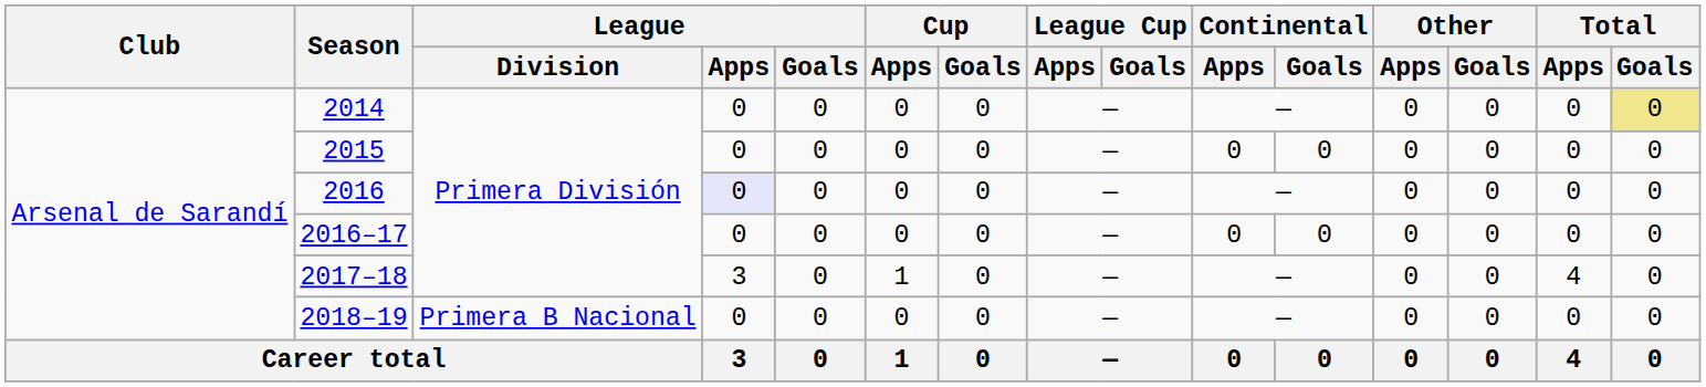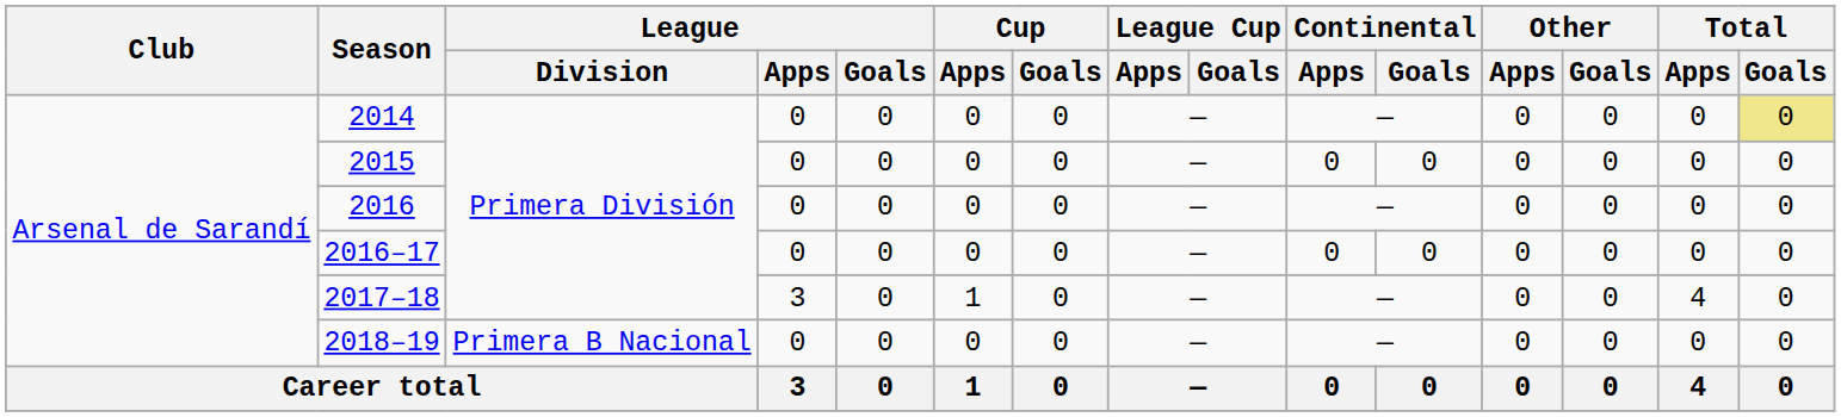 <table class="wikitable" style="text-align:center">
 <tr>
 <th rowspan="2">Club</th>
 <th rowspan="2">Season</th>
 <th colspan="3">League</th>
 <th colspan="2">Cup</th>
 <th colspan="2">League Cup</th>
 <th colspan="2">Continental</th>
 <th colspan="2">Other</th>
 <th colspan="2">Total</th>
 </tr>
 <tr>
 <th>Division</th>
 <th>Apps</th>
 <th>Goals</th>
 <th>Apps</th>
 <th>Goals</th>
 <th>Apps</th>
 <th>Goals</th>
 <th>Apps</th>
 <th>Goals</th>
 <th>Apps</th>
 <th>Goals</th>
 <th>Apps</th>
 <th>Goals</th>
 </tr>
 <tr>
 <td rowspan="6"><a href='#'>Arsenal de Sarandí</a></td>
 <td><a href='#'>2014</a></td>
 <td rowspan="5"><a href='#'>Primera División</a></td>
 <td>0</td>
 <td>0</td>
 <td>0</td>
 <td>0</td>
 <td colspan="2">—</td>
 <td colspan="2">—</td>
 <td>0</td>
 <td>0</td>
 <td>0</td>
 <td style="background: khaki;">0</td>
 </tr>
 <tr>
 <td><a href='#'>2015</a></td>
 <td>0</td>
 <td>0</td>
 <td>0</td>
 <td>0</td>
 <td colspan="2">—</td>
 <td>0</td>
 <td>0</td>
 <td>0</td>
 <td>0</td>
 <td>0</td>
 <td>0</td>
 </tr>
 <tr>
 <td><a href='#'>2016</a></td>
-<td style="background: lavender;">0</td>
+<td>0</td>
 <td>0</td>
 <td>0</td>
 <td>0</td>
 <td colspan="2">—</td>
 <td colspan="2">—</td>
 <td>0</td>
 <td>0</td>
 <td>0</td>
 <td>0</td>
 </tr>
 <tr>
 <td><a href='#'>2016–17</a></td>
 <td>0</td>
 <td>0</td>
 <td>0</td>
 <td>0</td>
 <td colspan="2">—</td>
 <td>0</td>
 <td>0</td>
 <td>0</td>
 <td>0</td>
 <td>0</td>
 <td>0</td>
 </tr>
 <tr>
 <td><a href='#'>2017–18</a></td>
 <td>3</td>
 <td>0</td>
 <td>1</td>
 <td>0</td>
 <td colspan="2">—</td>
 <td colspan="2">—</td>
 <td>0</td>
 <td>0</td>
 <td>4</td>
 <td>0</td>
 </tr>
 <tr>
 <td><a href='#'>2018–19</a></td>
 <td rowspan="1"><a href='#'>Primera B Nacional</a></td>
 <td>0</td>
 <td>0</td>
 <td>0</td>
 <td>0</td>
 <td colspan="2">—</td>
 <td colspan="2">—</td>
 <td>0</td>
 <td>0</td>
 <td>0</td>
 <td>0</td>
 </tr>
 <tr>
 <th colspan="3">Career total</th>
 <th>3</th>
 <th>0</th>
 <th>1</th>
 <th>0</th>
 <th colspan="2">—</th>
 <th>0</th>
 <th>0</th>
 <th>0</th>
 <th>0</th>
 <th>4</th>
 <th>0</th>
 </tr>
 </table>
